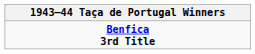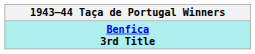 <table class="wikitable" style="text-align: center; margin: 0 auto; width: 20%">
 <tr>
 <th>1943–44 Taça de Portugal Winners</th>
 </tr>
 <tr>
-<td><strong><a href='#'>Benfica</a></strong><br><strong>3rd Title</strong></td>
+<td style="background: paleturquoise;"><strong><a href='#'>Benfica</a></strong><br><strong>3rd Title</strong></td>
 </tr>
 </table>
